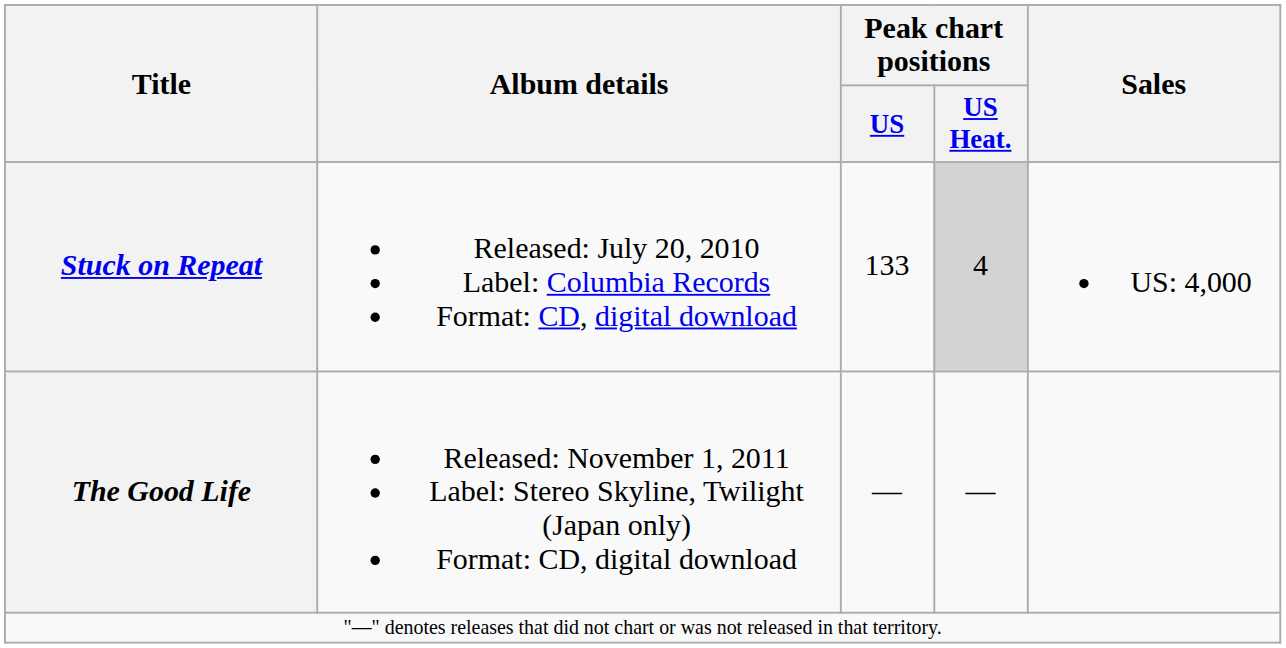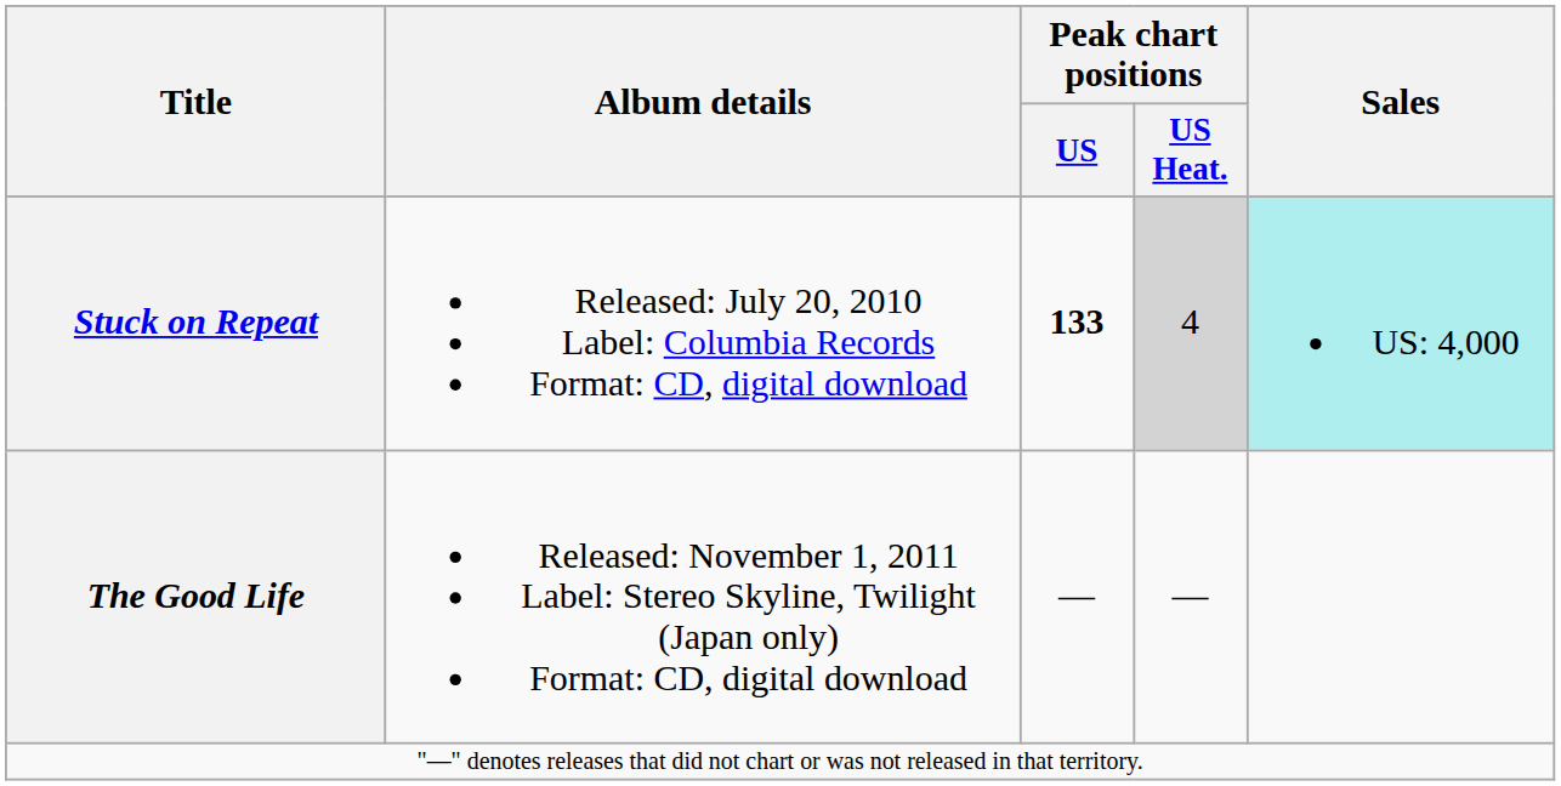 <table class="wikitable plainrowheaders" style="text-align:center;" border="1">
 <tr>
 <th scope="col" rowspan="2" style="width:10em;">Title</th>
 <th scope="col" rowspan="2" style="width:17em;">Album details</th>
 <th scope="col" colspan="2">Peak chart positions</th>
 <th scope="col" rowspan="2" style="width:8em;">Sales</th>
 </tr>
 <tr>
 <th scope="col" style="width:3em;font-size:90%;"><a href='#'>US</a><br></th>
 <th scope="col" style="width:3em;font-size:90%;"><a href='#'>US<br>Heat.</a><br></th>
 </tr>
 <tr>
 <th scope="row"><em><a href='#'>Stuck on Repeat</a></em></th>
 <td><br><ul><li>Released: July 20, 2010</li><li>Label: <a href='#'>Columbia Records</a></li><li>Format: <a href='#'>CD</a>, <a href='#'>digital download</a></li></ul></td>
-<td>133</td>
+<td><strong>133</strong></td>
 <td style="background: lightgrey;">4</td>
-<td><br><ul><li>US: 4,000</li></ul></td>
+<td style="background: paleturquoise;"><br><ul><li>US: 4,000</li></ul></td>
 </tr>
 <tr>
 <th scope="row"><em>The Good Life</em></th>
 <td><br><ul><li>Released: November 1, 2011</li><li>Label: Stereo Skyline, Twilight (Japan only)</li><li>Format: CD, digital download</li></ul></td>
 <td>—</td>
 <td>—</td>
 <td></td>
 </tr>
 <tr>
 <td colspan="10" style="font-size:8pt">"—" denotes releases that did not chart or was not released in that territory.</td>
 </tr>
 </table>
